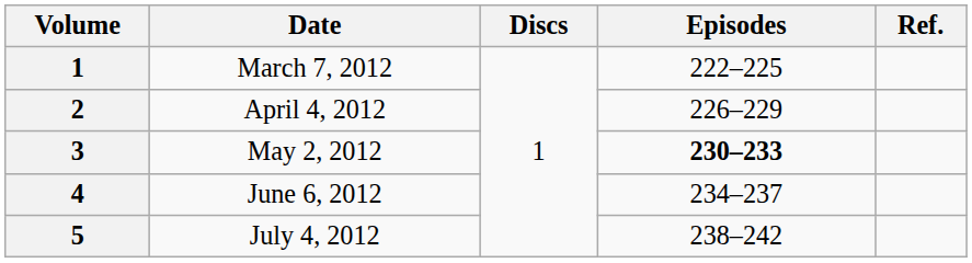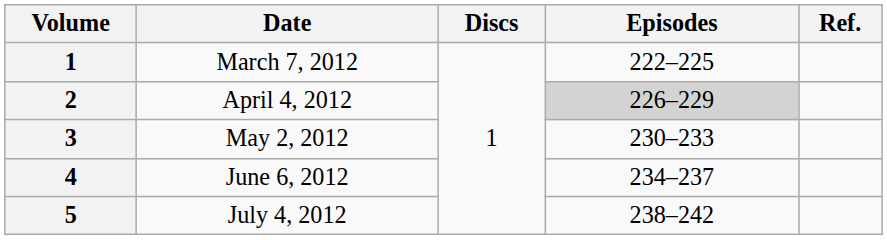 <table class="wikitable" style="text-align:center;">
 <tr>
 <th scope="col" style="width:5em;">Volume</th>
 <th scope="col" style="width:12em;">Date</th>
 <th scope="col" style="width:4em;">Discs</th>
 <th scope="col" style="width:10em;">Episodes</th>
 <th scope="col" style="width:3em;">Ref.</th>
 </tr>
 <tr>
 <th scope="row">1</th>
 <td>March 7, 2012</td>
 <td rowspan="5">1</td>
 <td>222–225</td>
 <td></td>
 </tr>
 <tr>
 <th scope="row">2</th>
 <td>April 4, 2012</td>
-<td>226–229</td>
+<td style="background: lightgrey;">226–229</td>
 <td></td>
 </tr>
 <tr>
 <th scope="row">3</th>
 <td>May 2, 2012</td>
-<td><strong>230–233</strong></td>
+<td>230–233</td>
 <td></td>
 </tr>
 <tr>
 <th scope="row">4</th>
 <td>June 6, 2012</td>
 <td>234–237</td>
 <td></td>
 </tr>
 <tr>
 <th scope="row">5</th>
 <td>July 4, 2012</td>
 <td>238–242</td>
 <td></td>
 </tr>
 </table>
